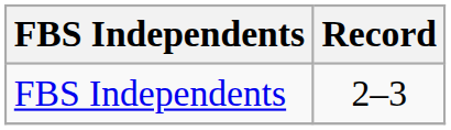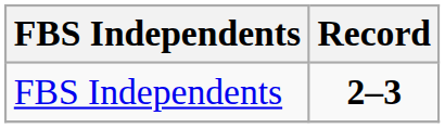 <table class="wikitable">
 <tr>
 <th>FBS Independents</th>
 <th>Record</th>
 </tr>
 <tr>
 <td><a href='#'>FBS Independents</a></td>
-<td align=center>2–3</td>
+<td align=center><strong>2–3</strong></td>
 </tr>
 <tr>
 </tr>
 </table>
